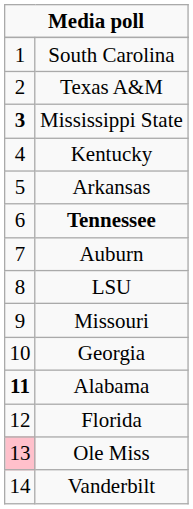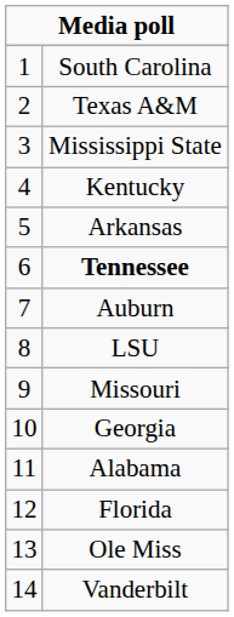 <table class="wikitable">
 <tr align="center">
 <td align="center" Colspan="3"><strong>Media poll</strong></td>
 </tr>
 <tr align="center">
 </tr>
 <tr align="center">
 <td>1</td>
 <td>South Carolina</td>
 </tr>
 <tr align="center">
 <td>2</td>
 <td>Texas A&M</td>
 </tr>
 <tr align="center">
-<td><strong>3</strong></td>
+<td>3</td>
 <td>Mississippi State</td>
 </tr>
 <tr align="center">
 <td>4</td>
 <td>Kentucky</td>
 </tr>
 <tr align="center">
 <td>5</td>
 <td>Arkansas</td>
 </tr>
 <tr align="center">
 <td>6</td>
 <td><strong>Tennessee</strong></td>
 </tr>
 <tr align="center">
 <td>7</td>
 <td>Auburn</td>
 </tr>
 <tr align="center">
 <td>8</td>
 <td>LSU</td>
 </tr>
 <tr align="center">
 <td>9</td>
 <td>Missouri</td>
 </tr>
 <tr align="center">
 <td>10</td>
 <td>Georgia</td>
 </tr>
 <tr align="center">
-<td><strong>11</strong></td>
+<td>11</td>
 <td>Alabama</td>
 </tr>
 <tr align="center">
 <td>12</td>
 <td>Florida</td>
 </tr>
 <tr align="center">
-<td style="background: pink;">13</td>
+<td>13</td>
 <td>Ole Miss</td>
 </tr>
 <tr align="center">
 <td>14</td>
 <td>Vanderbilt</td>
 </tr>
 </table>
